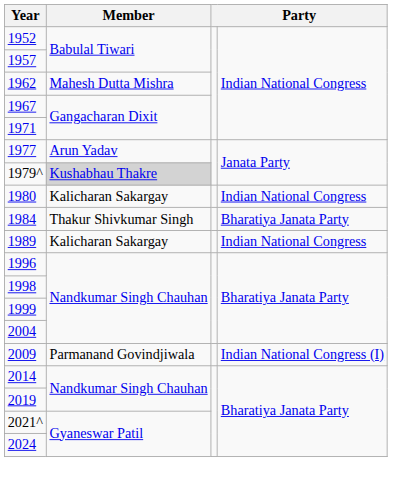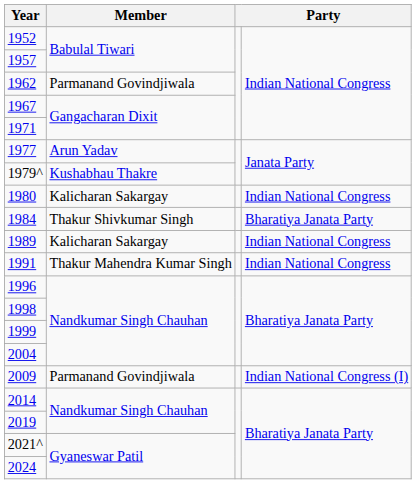 <table class="wikitable">
 <tr>
 <th>Year</th>
 <th>Member</th>
 <th colspan="2">Party</th>
 </tr>
 <tr>
 <td><a href='#'>1952</a></td>
 <td rowspan="2"><a href='#'>Babulal Tiwari</a></td>
 <td rowspan="5" style="background-color: "></td>
 <td rowspan="5"><a href='#'>Indian National Congress</a></td>
 </tr>
 <tr>
 <td><a href='#'>1957</a></td>
 </tr>
 <tr>
 <td><a href='#'>1962</a></td>
-<td><a href='#'>Mahesh Dutta Mishra</a></td>
+<td>Parmanand Govindjiwala</td>
 </tr>
 <tr>
 <td><a href='#'>1967</a></td>
 <td rowspan="2"><a href='#'>Gangacharan Dixit</a></td>
 </tr>
 <tr>
 <td><a href='#'>1971</a></td>
 </tr>
 <tr>
 <td><a href='#'>1977</a></td>
 <td><a href='#'>Arun Yadav</a></td>
 <td rowspan="2" style="background-color: "></td>
 <td rowspan="2"><a href='#'>Janata Party</a></td>
 </tr>
 <tr>
 <td>1979^</td>
-<td style="background: lightgrey;"><a href='#'>Kushabhau Thakre</a></td>
+<td><a href='#'>Kushabhau Thakre</a></td>
 </tr>
 <tr>
 <td><a href='#'>1980</a></td>
 <td>Kalicharan Sakargay</td>
 <td style="background-color: "></td>
 <td><a href='#'>Indian National Congress</a></td>
 </tr>
 <tr>
 <td><a href='#'>1984</a></td>
 <td>Thakur Shivkumar Singh</td>
 <td style="background-color: "></td>
 <td><a href='#'>Bharatiya Janata Party</a></td>
 </tr>
 <tr>
 <td><a href='#'>1989</a></td>
 <td>Kalicharan Sakargay</td>
+<td style="background-color: "></td>
+<td><a href='#'>Indian National Congress</a></td>
+</tr>
+<tr>
+<td><a href='#'>1991</a></td>
+<td>Thakur Mahendra Kumar Singh</td>
 <td style="background-color: "></td>
 <td><a href='#'>Indian National Congress</a></td>
 </tr>
 <tr>
 <td><a href='#'>1996</a></td>
 <td rowspan="4"><a href='#'>Nandkumar Singh Chauhan</a></td>
 <td rowspan="4" style="background-color: "></td>
 <td rowspan="4"><a href='#'>Bharatiya Janata Party</a></td>
 </tr>
 <tr>
 <td><a href='#'>1998</a></td>
 </tr>
 <tr>
 <td><a href='#'>1999</a></td>
 </tr>
 <tr>
 <td><a href='#'>2004</a></td>
 </tr>
 <tr>
 <td><a href='#'>2009</a></td>
 <td>Parmanand Govindjiwala</td>
 <td style="background-color: "></td>
 <td><a href='#'>Indian National Congress (I)</a></td>
 </tr>
 <tr>
 <td><a href='#'>2014</a></td>
 <td rowspan="2"><a href='#'>Nandkumar Singh Chauhan</a></td>
 <td rowspan="4" style="background-color: "></td>
 <td rowspan="4"><a href='#'>Bharatiya Janata Party</a></td>
 </tr>
 <tr>
 <td><a href='#'>2019</a></td>
 </tr>
 <tr>
 <td>2021^</td>
 <td rowspan="2"><a href='#'>Gyaneswar Patil</a></td>
 </tr>
 <tr>
 <td><a href='#'>2024</a></td>
 </tr>
 </table>
